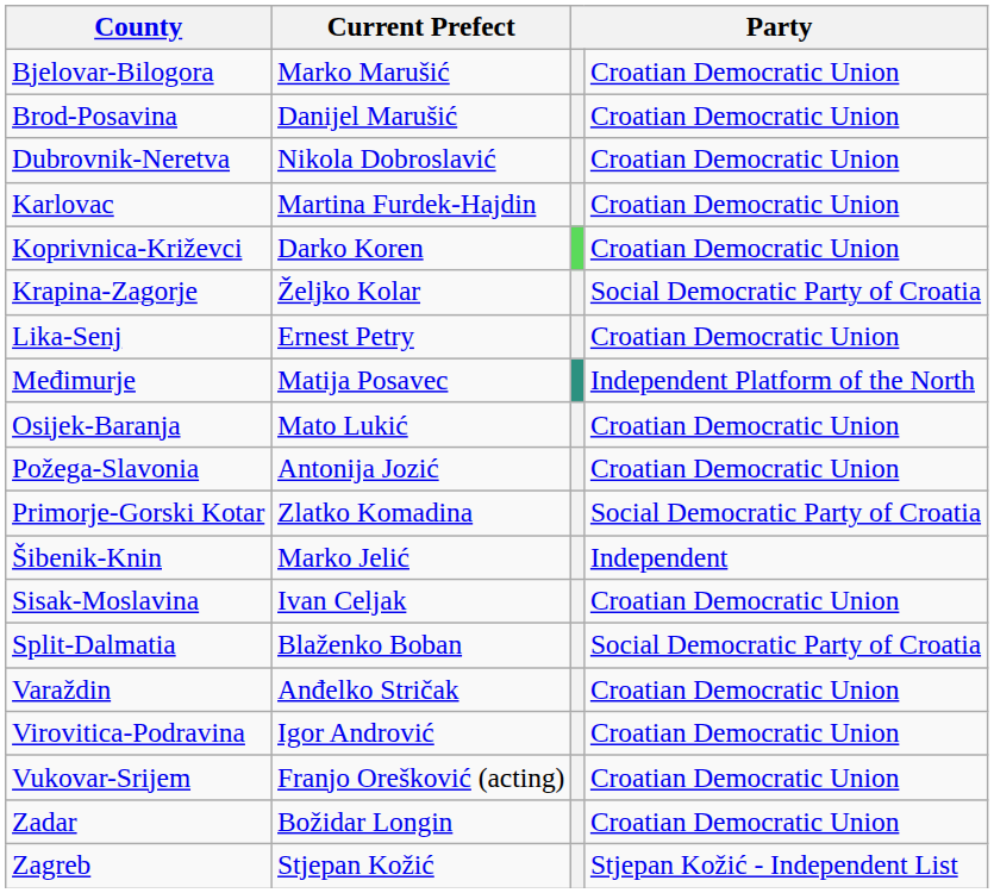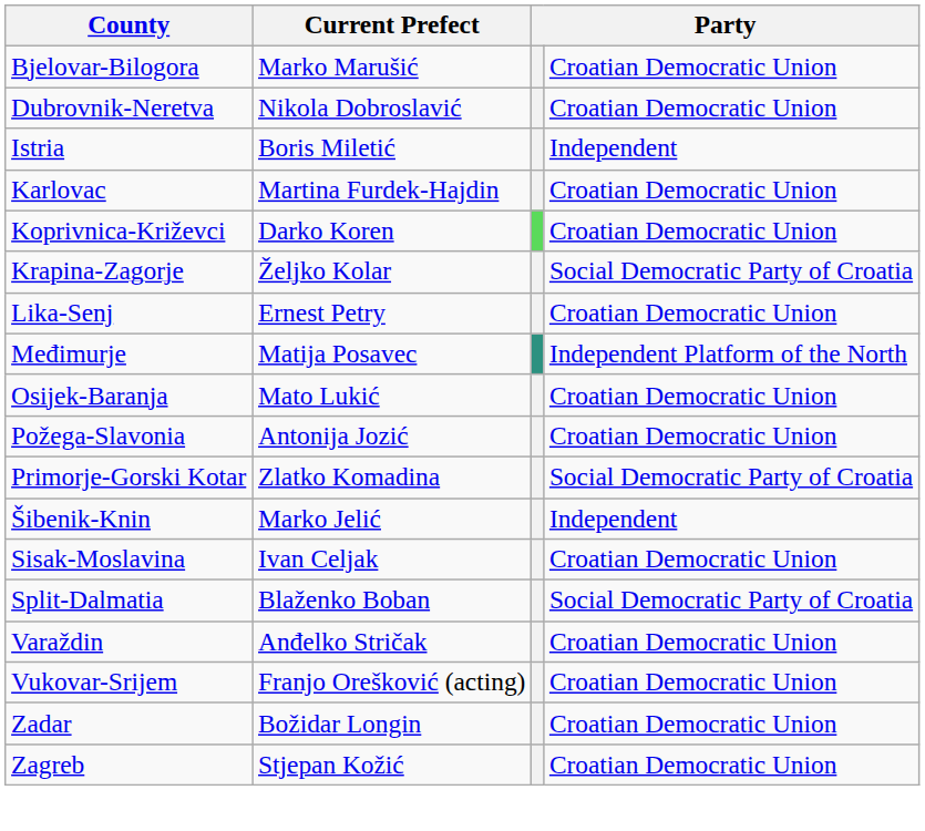 <table class="wikitable sortable">
 <tr>
 <th><a href='#'>County</a></th>
 <th>Current Prefect</th>
 <th colspan=2>Party</th>
 </tr>
 <tr>
 <td><a href='#'>Bjelovar-Bilogora</a></td>
 <td><a href='#'>Marko Marušić</a></td>
 <th style="background-color: "></th>
 <td><a href='#'>Croatian Democratic Union</a></td>
 </tr>
 <tr>
-<td><a href='#'>Brod-Posavina</a></td>
-<td><a href='#'>Danijel Marušić</a></td>
+<td><a href='#'>Dubrovnik-Neretva</a></td>
+<td><a href='#'>Nikola Dobroslavić</a></td>
 <th style="background-color: "></th>
 <td><a href='#'>Croatian Democratic Union</a></td>
 </tr>
 <tr>
-<td><a href='#'>Dubrovnik-Neretva</a></td>
-<td><a href='#'>Nikola Dobroslavić</a></td>
+<td><a href='#'>Istria</a></td>
+<td><a href='#'>Boris Miletić</a></td>
 <th style="background-color: "></th>
-<td><a href='#'>Croatian Democratic Union</a></td>
+<td><a href='#'>Independent</a></td>
 </tr>
 <tr>
 <td><a href='#'>Karlovac</a></td>
 <td><a href='#'>Martina Furdek-Hajdin</a></td>
 <th style="background-color: "></th>
 <td><a href='#'>Croatian Democratic Union</a></td>
 </tr>
 <tr>
 <td><a href='#'>Koprivnica-Križevci</a></td>
 <td><a href='#'>Darko Koren</a></td>
 <td style="background:#5ADA5A;"></td>
 <td><a href='#'>Croatian Democratic Union</a></td>
 </tr>
 <tr>
 <td><a href='#'>Krapina-Zagorje</a></td>
 <td><a href='#'>Željko Kolar</a></td>
 <th style="background-color: "></th>
 <td><a href='#'>Social Democratic Party of Croatia</a></td>
 </tr>
 <tr>
 <td><a href='#'>Lika-Senj</a></td>
 <td><a href='#'>Ernest Petry</a></td>
 <th style="background-color: "></th>
 <td><a href='#'>Croatian Democratic Union</a></td>
 </tr>
 <tr>
 <td><a href='#'>Međimurje</a></td>
 <td><a href='#'>Matija Posavec</a></td>
 <th style="background-color: #2c9180"></th>
 <td><a href='#'>Independent Platform of the North</a></td>
 </tr>
 <tr>
 <td><a href='#'>Osijek-Baranja</a></td>
 <td><a href='#'>Mato Lukić</a></td>
 <th style="background-color: "></th>
 <td><a href='#'>Croatian Democratic Union</a></td>
 </tr>
 <tr>
 <td><a href='#'>Požega-Slavonia</a></td>
 <td><a href='#'>Antonija Jozić</a></td>
 <th style="background-color: "></th>
 <td><a href='#'>Croatian Democratic Union</a></td>
 </tr>
 <tr>
 <td><a href='#'>Primorje-Gorski Kotar</a></td>
 <td><a href='#'>Zlatko Komadina</a></td>
 <th style="background-color: "></th>
 <td><a href='#'>Social Democratic Party of Croatia</a></td>
 </tr>
 <tr>
 <td><a href='#'>Šibenik-Knin</a></td>
 <td><a href='#'>Marko Jelić</a></td>
 <th style="background-color: "></th>
 <td><a href='#'>Independent</a></td>
 </tr>
 <tr>
 <td><a href='#'>Sisak-Moslavina</a></td>
 <td><a href='#'>Ivan Celjak</a></td>
 <th style="background-color: "></th>
 <td><a href='#'>Croatian Democratic Union</a></td>
 </tr>
 <tr>
 <td><a href='#'>Split-Dalmatia</a></td>
 <td><a href='#'>Blaženko Boban</a></td>
 <th style="background-color: "></th>
 <td><a href='#'>Social Democratic Party of Croatia</a></td>
 </tr>
 <tr>
 <td><a href='#'>Varaždin</a></td>
 <td><a href='#'>Anđelko Stričak</a></td>
 <th style="background-color: "></th>
 <td><a href='#'>Croatian Democratic Union</a></td>
 </tr>
 <tr>
-<td><a href='#'>Virovitica-Podravina</a></td>
-<td><a href='#'>Igor Andrović</a></td>
-<th style="background-color: "></th>
-<td><a href='#'>Croatian Democratic Union</a></td>
-</tr>
-<tr>
 <td><a href='#'>Vukovar-Srijem</a></td>
 <td><a href='#'>Franjo Orešković</a> (acting)</td>
 <th style="background-color: "></th>
 <td><a href='#'>Croatian Democratic Union</a></td>
 </tr>
 <tr>
 <td><a href='#'>Zadar</a></td>
 <td><a href='#'>Božidar Longin</a></td>
 <th style="background-color: "></th>
 <td><a href='#'>Croatian Democratic Union</a></td>
 </tr>
 <tr>
 <td><a href='#'>Zagreb</a></td>
 <td><a href='#'>Stjepan Kožić</a></td>
 <th style="background-color: "></th>
-<td><a href='#'>Stjepan Kožić - Independent List</a></td>
+<td><a href='#'>Croatian Democratic Union</a></td>
 </tr>
 </table>
